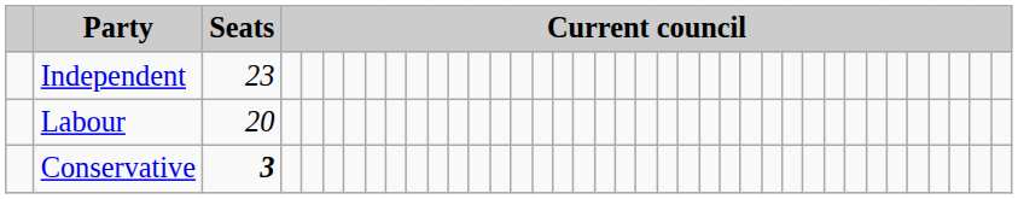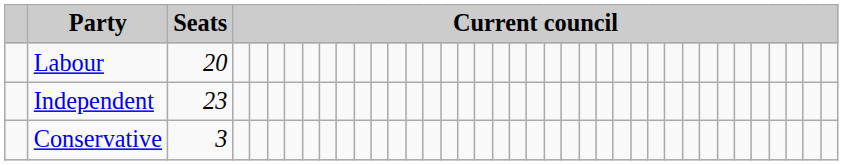 <table class="wikitable">
 <tr>
 <th style="background:#ccc">  </th>
 <th style="background:#ccc">Party</th>
 <th style="background:#ccc">Seats</th>
 <th style="background:#ccc" colspan="35">Current council</th>
+</tr>
+<tr>
+<td style="background:"> </td>
+<td><a href='#'>Labour</a></td>
+<td style="text-align: right"><em>20</em></td>
+<td style="background:"> </td>
+<td style="background:"> </td>
+<td style="background:"> </td>
+<td style="background:"> </td>
+<td style="background:"> </td>
+<td style="background:"> </td>
+<td style="background:"> </td>
+<td style="background:"> </td>
+<td style="background:"> </td>
+<td style="background:"> </td>
+<td style="background:"> </td>
+<td style="background:"> </td>
+<td style="background:"> </td>
+<td style="background:"> </td>
+<td style="background:"> </td>
+<td style="background:"> </td>
+<td style="background:"> </td>
+<td style="background:"> </td>
+<td style="background:"> </td>
+<td style="background:"> </td>
+<td> </td>
+<td> </td>
+<td> </td>
+<td> </td>
+<td> </td>
+<td> </td>
+<td> </td>
+<td> </td>
+<td> </td>
+<td> </td>
+<td> </td>
+<td> </td>
+<td> </td>
+<td> </td>
+<td> </td>
 </tr>
 <tr>
 <td style="background:"> </td>
 <td><a href='#'>Independent</a></td>
 <td style="text-align: right"><em>23</em></td>
 <td style="background:"> </td>
 <td style="background:"> </td>
 <td style="background:"> </td>
 <td style="background:"> </td>
 <td style="background:"> </td>
 <td style="background:"> </td>
 <td style="background:"> </td>
 <td style="background:"> </td>
 <td style="background:"> </td>
 <td style="background:"> </td>
 <td style="background:"> </td>
 <td style="background:"> </td>
 <td style="background:"> </td>
 <td style="background:"> </td>
 <td style="background:"> </td>
 <td style="background:"> </td>
 <td style="background:"> </td>
 <td style="background:"> </td>
 <td style="background:"> </td>
 <td style="background:"> </td>
 <td style="background:"> </td>
 <td style="background:"> </td>
 <td style="background:"> </td>
 <td> </td>
 <td> </td>
 <td> </td>
 <td> </td>
 <td> </td>
 <td> </td>
 <td> </td>
 <td> </td>
 <td> </td>
 <td> </td>
 <td> </td>
 <td> </td>
 </tr>
 <tr>
 <td style="background:"> </td>
-<td><a href='#'>Labour</a></td>
-<td style="text-align: right"><em>20</em></td>
-<td style="background:"> </td>
-<td style="background:"> </td>
-<td style="background:"> </td>
-<td style="background:"> </td>
-<td style="background:"> </td>
-<td style="background:"> </td>
-<td style="background:"> </td>
-<td style="background:"> </td>
-<td style="background:"> </td>
-<td style="background:"> </td>
-<td style="background:"> </td>
-<td style="background:"> </td>
-<td style="background:"> </td>
-<td style="background:"> </td>
-<td style="background:"> </td>
-<td style="background:"> </td>
-<td style="background:"> </td>
-<td style="background:"> </td>
-<td style="background:"> </td>
-<td style="background:"> </td>
-<td> </td>
-<td> </td>
-<td> </td>
-<td> </td>
-<td> </td>
-<td> </td>
-<td> </td>
-<td> </td>
-<td> </td>
-<td> </td>
-<td> </td>
-<td> </td>
-<td> </td>
-<td> </td>
-<td> </td>
-</tr>
-<tr>
-<td style="background:"> </td>
 <td><a href='#'>Conservative</a></td>
-<td style="text-align: right"><strong><em>3</em></strong></td>
+<td style="text-align: right"><em>3</em></td>
 <td style="background:"> </td>
 <td style="background:"> </td>
 <td style="background:"> </td>
 <td> </td>
 <td> </td>
 <td> </td>
 <td> </td>
 <td> </td>
 <td> </td>
 <td> </td>
 <td> </td>
 <td> </td>
 <td> </td>
 <td> </td>
 <td> </td>
 <td> </td>
 <td> </td>
 <td> </td>
 <td> </td>
 <td> </td>
 <td> </td>
 <td> </td>
 <td> </td>
 <td> </td>
 <td> </td>
 <td> </td>
 <td> </td>
 <td> </td>
 <td> </td>
 <td> </td>
 <td> </td>
 <td> </td>
 <td> </td>
 <td> </td>
 <td> </td>
 </tr>
 </table>
